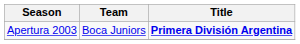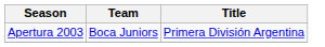 <table class="wikitable">
 <tr>
 <th>Season</th>
 <th>Team</th>
 <th>Title</th>
 </tr>
 <tr>
 <td><a href='#'>Apertura 2003</a></td>
 <td><a href='#'>Boca Juniors</a></td>
-<td><strong><a href='#'>Primera División Argentina</a></strong></td>
+<td><a href='#'>Primera División Argentina</a></td>
 </tr>
 <tr>
 </tr>
 </table>
